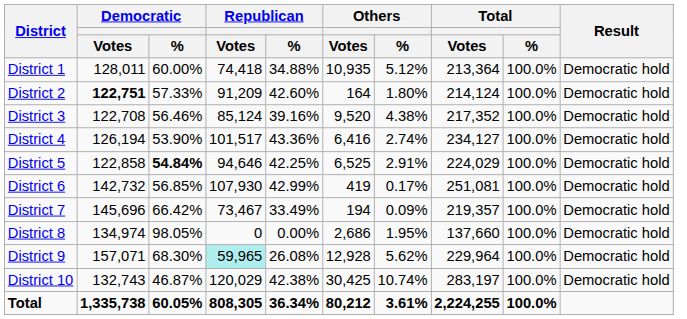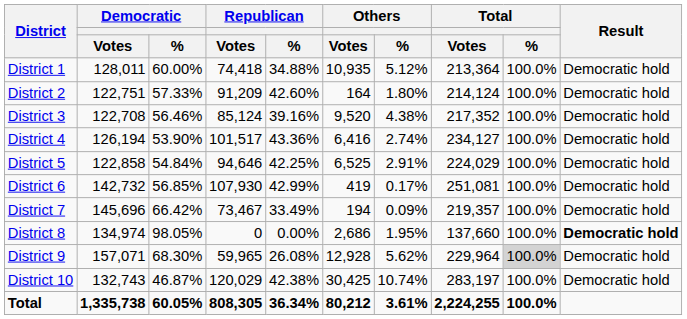 <table class="wikitable plainrowheaders sortable" style="font-size:100%; text-align:right;">
 <tr>
 <th scope=col rowspan=3><a href='#'>District</a></th>
 <th scope=col colspan=2><a href='#'>Democratic</a></th>
 <th scope=col colspan=2><a href='#'>Republican</a></th>
 <th scope=col colspan=2>Others</th>
 <th scope=col colspan=2>Total</th>
 <th scope=col rowspan=3>Result</th>
 </tr>
 <tr>
 <th scope=col colspan=2 style="background:"></th>
 <th scope=col colspan=2 style="background:"></th>
 <th scope=col colspan=2></th>
 <th scope=col colspan=2></th>
 </tr>
 <tr>
 <th scope=col data-sort-type="number">Votes</th>
 <th scope=col data-sort-type="number">%</th>
 <th scope=col data-sort-type="number">Votes</th>
 <th scope=col data-sort-type="number">%</th>
 <th scope=col data-sort-type="number">Votes</th>
 <th scope=col data-sort-type="number">%</th>
 <th scope=col data-sort-type="number">Votes</th>
 <th scope=col data-sort-type="number">%</th>
 </tr>
 <tr>
 <td align=left><a href='#'>District 1</a></td>
 <td>128,011</td>
 <td>60.00%</td>
 <td>74,418</td>
 <td>34.88%</td>
 <td>10,935</td>
 <td>5.12%</td>
 <td>213,364</td>
 <td>100.0%</td>
 <td align=left>Democratic hold</td>
 </tr>
 <tr>
 <td align=left><a href='#'>District 2</a></td>
-<td><strong>122,751</strong></td>
+<td>122,751</td>
 <td>57.33%</td>
 <td>91,209</td>
 <td>42.60%</td>
 <td>164</td>
 <td>1.80%</td>
 <td>214,124</td>
 <td>100.0%</td>
 <td align=left>Democratic hold</td>
 </tr>
 <tr>
 <td align=left><a href='#'>District 3</a></td>
 <td>122,708</td>
 <td>56.46%</td>
 <td>85,124</td>
 <td>39.16%</td>
 <td>9,520</td>
 <td>4.38%</td>
 <td>217,352</td>
 <td>100.0%</td>
 <td align=left>Democratic hold</td>
 </tr>
 <tr>
 <td align=left><a href='#'>District 4</a></td>
 <td>126,194</td>
 <td>53.90%</td>
 <td>101,517</td>
 <td>43.36%</td>
 <td>6,416</td>
 <td>2.74%</td>
 <td>234,127</td>
 <td>100.0%</td>
 <td align=left>Democratic hold</td>
 </tr>
 <tr>
 <td align=left><a href='#'>District 5</a></td>
 <td>122,858</td>
-<td><strong>54.84%</strong></td>
+<td>54.84%</td>
 <td>94,646</td>
 <td>42.25%</td>
 <td>6,525</td>
 <td>2.91%</td>
 <td>224,029</td>
 <td>100.0%</td>
 <td align=left>Democratic hold</td>
 </tr>
 <tr>
 <td align=left><a href='#'>District 6</a></td>
 <td>142,732</td>
 <td>56.85%</td>
 <td>107,930</td>
 <td>42.99%</td>
 <td>419</td>
 <td>0.17%</td>
 <td>251,081</td>
 <td>100.0%</td>
 <td align=left>Democratic hold</td>
 </tr>
 <tr>
 <td align=left><a href='#'>District 7</a></td>
 <td>145,696</td>
 <td>66.42%</td>
 <td>73,467</td>
 <td>33.49%</td>
 <td>194</td>
 <td>0.09%</td>
 <td>219,357</td>
 <td>100.0%</td>
 <td align=left>Democratic hold</td>
 </tr>
 <tr>
 <td align=left><a href='#'>District 8</a></td>
 <td>134,974</td>
 <td>98.05%</td>
 <td>0</td>
 <td>0.00%</td>
 <td>2,686</td>
 <td>1.95%</td>
 <td>137,660</td>
 <td>100.0%</td>
-<td align=left>Democratic hold</td>
+<td align=left><strong>Democratic hold</strong></td>
 </tr>
 <tr>
 <td align=left><a href='#'>District 9</a></td>
 <td>157,071</td>
 <td>68.30%</td>
-<td style="background: paleturquoise;">59,965</td>
+<td>59,965</td>
 <td>26.08%</td>
 <td>12,928</td>
 <td>5.62%</td>
 <td>229,964</td>
-<td>100.0%</td>
+<td style="background: lightgrey;">100.0%</td>
 <td align=left>Democratic hold</td>
 </tr>
 <tr>
 <td align=left><a href='#'>District 10</a></td>
 <td>132,743</td>
 <td>46.87%</td>
 <td>120,029</td>
 <td>42.38%</td>
 <td>30,425</td>
 <td>10.74%</td>
 <td>283,197</td>
 <td>100.0%</td>
 <td align=left>Democratic hold</td>
 </tr>
 <tr class="sortbottom" style="font-weight:bold">
 <td align=left>Total</td>
 <td>1,335,738</td>
 <td>60.05%</td>
 <td>808,305</td>
 <td>36.34%</td>
 <td>80,212</td>
 <td>3.61%</td>
 <td>2,224,255</td>
 <td>100.0%</td>
 <td></td>
 </tr>
 </table>
